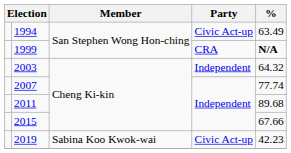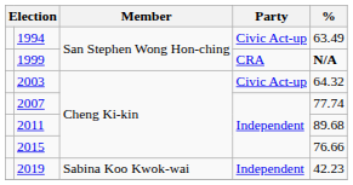 <table class="wikitable">
 <tr>
 <th colspan="2">Election</th>
 <th>Member</th>
 <th>Party</th>
 <th>%</th>
 </tr>
 <tr>
 <td style="background-color: "></td>
 <td><a href='#'>1994</a></td>
 <td rowspan=2>San Stephen Wong Hon-ching</td>
 <td><a href='#'>Civic Act-up</a></td>
 <td>63.49</td>
 </tr>
 <tr>
 <td style="background-color: "></td>
 <td><a href='#'>1999</a></td>
 <td><a href='#'>CRA</a></td>
 <td><strong>N/A</strong></td>
 </tr>
 <tr>
 <td style="background-color: "></td>
 <td><a href='#'>2003</a></td>
 <td rowspan=4>Cheng Ki-kin</td>
-<td><a href='#'>Independent</a></td>
+<td><a href='#'>Civic Act-up</a></td>
 <td>64.32</td>
 </tr>
 <tr>
 <td style="background-color: "></td>
 <td><a href='#'>2007</a></td>
 <td rowspan=3><a href='#'>Independent</a></td>
 <td>77.74</td>
 </tr>
 <tr>
 <td style="background-color: "></td>
 <td><a href='#'>2011</a></td>
 <td>89.68</td>
 </tr>
 <tr>
 <td style="background-color: "></td>
 <td><a href='#'>2015</a></td>
-<td>67.66</td>
+<td>76.66</td>
 </tr>
 <tr>
 <td style="background-color: "></td>
 <td><a href='#'>2019</a></td>
 <td>Sabina Koo Kwok-wai</td>
-<td><a href='#'>Civic Act-up</a></td>
+<td><a href='#'>Independent</a></td>
 <td>42.23</td>
 </tr>
 <tr>
 </tr>
 </table>
